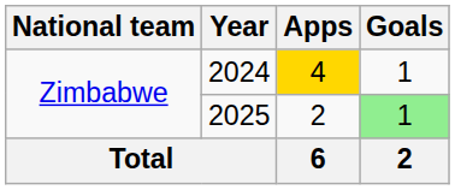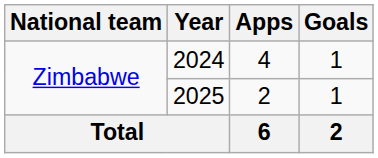 <table class="wikitable" style="text-align: center;">
 <tr>
 <th>National team</th>
 <th>Year</th>
 <th>Apps</th>
 <th>Goals</th>
 </tr>
 <tr>
 <td rowspan=2><a href='#'>Zimbabwe</a></td>
 <td>2024</td>
-<td style="background: gold;">4</td>
+<td>4</td>
 <td>1</td>
 </tr>
 <tr>
 <td>2025</td>
 <td>2</td>
-<td style="background: lightgreen;">1</td>
+<td>1</td>
 </tr>
 <tr>
 <th colspan="2">Total</th>
 <th>6</th>
 <th>2</th>
 </tr>
 </table>
